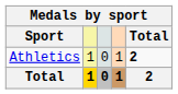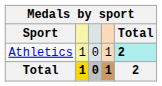 <table class="wikitable" style="font-size:85%; float:right;">
 <tr style="background:#efefef;">
 <th colspan=5>Medals by sport</th>
 </tr>
 <tr>
 <th>Sport</th>
 <td bgcolor=F7F6A8></td>
 <td bgcolor=DCE5E5></td>
 <td bgcolor=FFDAB9></td>
 <th>Total</th>
 </tr>
 <tr>
 <td><a href='#'>Athletics</a></td>
 <td bgcolor=F7F6A8>1</td>
 <td bgcolor=DCE5E5>0</td>
 <td bgcolor=FFDAB9>1</td>
-<td><strong>2</strong></td>
+<td style="background: paleturquoise;"><strong>2</strong></td>
 </tr>
 <tr>
 <th>Total</th>
 <th style=background:gold>1</th>
 <th style=background:silver>0</th>
 <th style=background:#c96>1</th>
 <th>2</th>
 </tr>
 </table>
